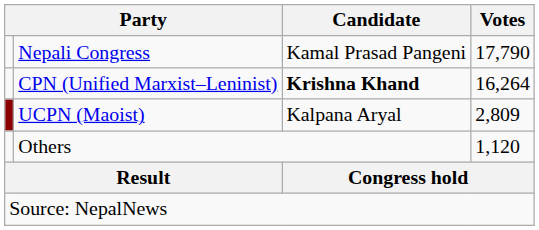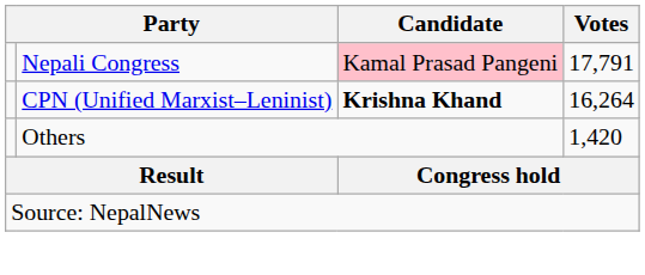 <table class="wikitable">
 <tr>
 <th colspan="2">Party</th>
 <th>Candidate</th>
 <th>Votes</th>
 </tr>
 <tr>
 <td style="background-color:"></td>
 <td><a href='#'>Nepali Congress</a></td>
-<td>Kamal Prasad Pangeni</td>
-<td>17,790</td>
+<td style="background: pink;">Kamal Prasad Pangeni</td>
+<td>17,791</td>
 </tr>
 <tr>
 <td style="background-color:"></td>
 <td><a href='#'>CPN (Unified Marxist–Leninist)</a></td>
 <td><strong>Krishna Khand</strong></td>
 <td>16,264</td>
 </tr>
 <tr>
-<td style="background-color:darkred"></td>
-<td><a href='#'>UCPN (Maoist)</a></td>
-<td>Kalpana Aryal</td>
-<td>2,809</td>
-</tr>
-<tr>
 <td></td>
 <td colspan="2">Others</td>
-<td>1,120</td>
+<td>1,420</td>
 </tr>
 <tr>
 <th colspan="2">Result</th>
 <th colspan="2">Congress hold</th>
 </tr>
 <tr>
 <td colspan="4">Source: NepalNews</td>
 </tr>
 </table>
